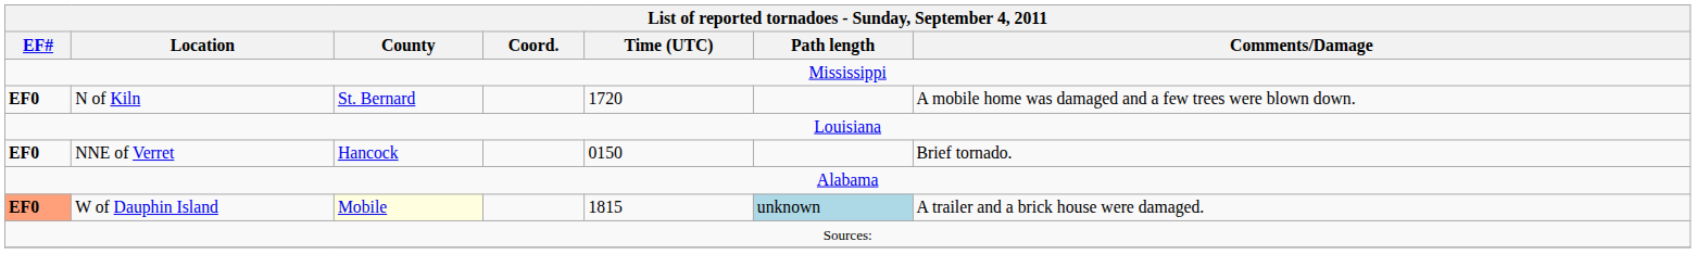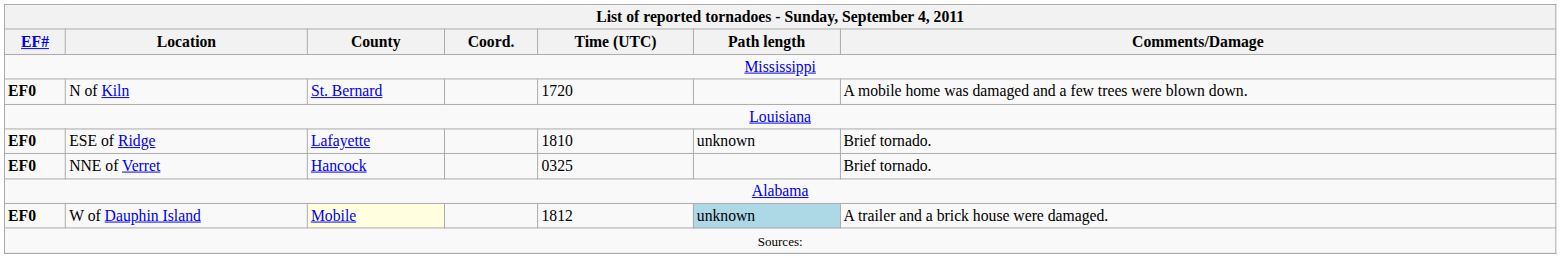 <table class="wikitable collapsible" width="100%">
 <tr>
 <th colspan="7">List of reported tornadoes - Sunday, September 4, 2011</th>
 </tr>
 <tr>
 <th><a href='#'>EF#</a></th>
 <th>Location</th>
 <th>County</th>
 <th>Coord.</th>
 <th>Time (UTC)</th>
 <th>Path length</th>
 <th>Comments/Damage</th>
 </tr>
 <tr>
 <td colspan="7" align=center><a href='#'>Mississippi</a></td>
 </tr>
 <tr>
 <td><strong>EF0</strong></td>
 <td>N of <a href='#'>Kiln</a></td>
 <td><a href='#'>St. Bernard</a></td>
 <td></td>
 <td>1720</td>
 <td></td>
 <td>A mobile home was damaged and a few trees were blown down.</td>
 </tr>
 <tr>
 <td colspan="7" align=center><a href='#'>Louisiana</a></td>
 </tr>
 <tr>
 <td><strong>EF0</strong></td>
+<td>ESE of <a href='#'>Ridge</a></td>
+<td><a href='#'>Lafayette</a></td>
+<td></td>
+<td>1810</td>
+<td>unknown</td>
+<td>Brief tornado.</td>
+</tr>
+<tr>
+<td><strong>EF0</strong></td>
 <td>NNE of <a href='#'>Verret</a></td>
 <td><a href='#'>Hancock</a></td>
 <td></td>
-<td>0150</td>
+<td>0325</td>
 <td></td>
 <td>Brief tornado.</td>
 </tr>
 <tr>
 <td colspan="7" align=center><a href='#'>Alabama</a></td>
 </tr>
 <tr>
-<td style="background: lightsalmon;"><strong>EF0</strong></td>
+<td><strong>EF0</strong></td>
 <td>W of <a href='#'>Dauphin Island</a></td>
 <td style="background: lightyellow;"><a href='#'>Mobile</a></td>
 <td></td>
-<td>1815</td>
+<td>1812</td>
 <td style="background: lightblue;">unknown</td>
 <td>A trailer and a brick house were damaged.</td>
 </tr>
 <tr>
 <td colspan="7" align=center><small>Sources: </small></td>
 </tr>
 <tr>
 </tr>
 </table>
